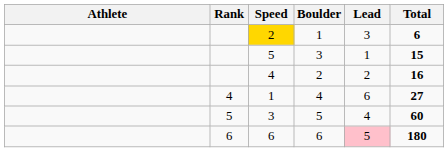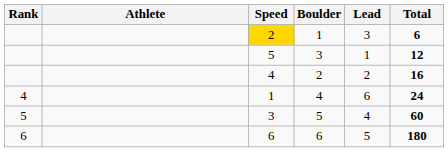 <table class="wikitable" style="text-align:center">
 <tr>
+<th width=40>Rank</th>
 <th width=250>Athlete</th>
-<th width=40>Rank</th>
 <th width=50>Speed</th>
 <th width=50>Boulder</th>
 <th width=50>Lead</th>
 <th width=60>Total</th>
 </tr>
 <tr>
+<td></td>
 <td align=left></td>
-<td></td>
 <td style="background: gold;">2</td>
 <td>1</td>
 <td>3</td>
 <td><strong>6</strong></td>
 </tr>
 <tr>
+<td></td>
 <td align=left></td>
-<td></td>
 <td>5</td>
 <td>3</td>
 <td>1</td>
-<td><strong>15</strong></td>
+<td><strong>12</strong></td>
 </tr>
 <tr>
+<td></td>
 <td align=left></td>
-<td></td>
 <td>4</td>
 <td>2</td>
 <td>2</td>
 <td><strong>16</strong></td>
 </tr>
 <tr>
+<td>4</td>
 <td align=left></td>
-<td>4</td>
 <td>1</td>
 <td>4</td>
 <td>6</td>
-<td><strong>27</strong></td>
+<td><strong>24</strong></td>
 </tr>
 <tr>
+<td>5</td>
 <td align=left></td>
-<td>5</td>
 <td>3</td>
 <td>5</td>
 <td>4</td>
 <td><strong>60</strong></td>
 </tr>
 <tr>
+<td>6</td>
 <td align=left></td>
 <td>6</td>
 <td>6</td>
-<td>6</td>
-<td style="background: pink;">5</td>
+<td>5</td>
 <td><strong>180</strong></td>
 </tr>
 </table>
